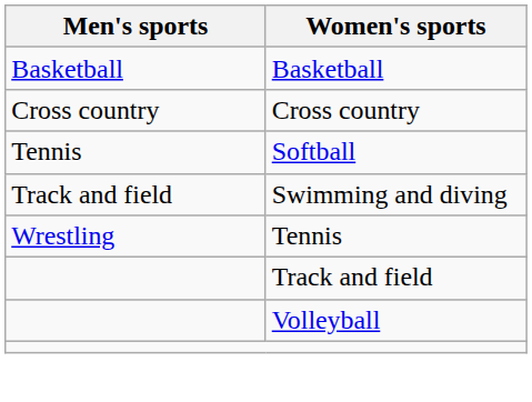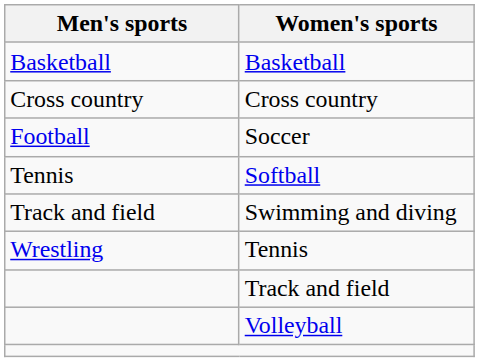 <table class="wikitable" style=" ">
 <tr>
 <th width=150px>Men's sports</th>
 <th width=150px>Women's sports</th>
 </tr>
 <tr>
 <td><a href='#'>Basketball</a></td>
 <td><a href='#'>Basketball</a></td>
 </tr>
 <tr>
 <td>Cross country</td>
 <td>Cross country</td>
+</tr>
+<tr>
+<td><a href='#'>Football</a></td>
+<td>Soccer</td>
 </tr>
 <tr>
 <td>Tennis</td>
 <td><a href='#'>Softball</a></td>
 </tr>
 <tr>
 <td>Track and field</td>
 <td>Swimming and diving</td>
 </tr>
 <tr>
 <td><a href='#'>Wrestling</a></td>
 <td>Tennis</td>
 </tr>
 <tr>
 <td></td>
 <td>Track and field</td>
 </tr>
 <tr>
 <td></td>
 <td><a href='#'>Volleyball</a></td>
 </tr>
 <tr>
 <td colspan="2"></td>
 </tr>
 </table>
